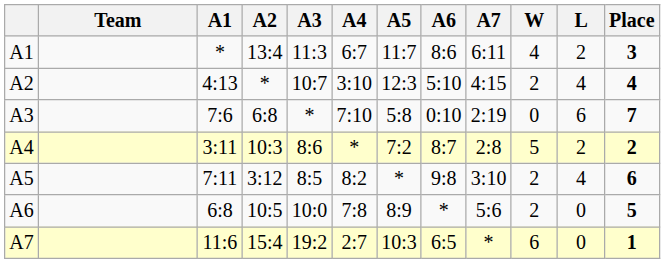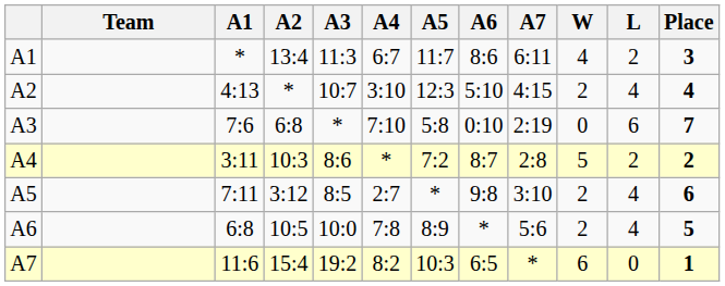 <table class="wikitable" style="text-align:center;">
 <tr>
 <th></th>
 <th width="120">Team</th>
 <th width="25">A1</th>
 <th width="25">A2</th>
 <th width="25">A3</th>
 <th width="25">A4</th>
 <th width="25">A5</th>
 <th width="25">A6</th>
 <th width="25">A7</th>
 <th width="30">W</th>
 <th width="30">L</th>
 <th>Place</th>
 </tr>
 <tr>
 <td>A1</td>
 <td align="left"></td>
 <td>*</td>
 <td>13:4</td>
 <td>11:3</td>
 <td>6:7</td>
 <td>11:7</td>
 <td>8:6</td>
 <td>6:11</td>
 <td>4</td>
 <td>2</td>
 <td><strong>3</strong></td>
 </tr>
 <tr>
 <td>A2</td>
 <td align="left"></td>
 <td>4:13</td>
 <td>*</td>
 <td>10:7</td>
 <td>3:10</td>
 <td>12:3</td>
 <td>5:10</td>
 <td>4:15</td>
 <td>2</td>
 <td>4</td>
 <td><strong>4</strong></td>
 </tr>
 <tr>
 <td>A3</td>
 <td align="left"></td>
 <td>7:6</td>
 <td>6:8</td>
 <td>*</td>
 <td>7:10</td>
 <td>5:8</td>
 <td>0:10</td>
 <td>2:19</td>
 <td>0</td>
 <td>6</td>
 <td><strong>7</strong></td>
 </tr>
 <tr bgcolor="#ffffcc">
 <td>A4</td>
 <td align="left"></td>
 <td>3:11</td>
 <td>10:3</td>
 <td>8:6</td>
 <td>*</td>
 <td>7:2</td>
 <td>8:7</td>
 <td>2:8</td>
 <td>5</td>
 <td>2</td>
 <td><strong>2</strong></td>
 </tr>
 <tr>
 <td>A5</td>
 <td align="left"></td>
 <td>7:11</td>
 <td>3:12</td>
 <td>8:5</td>
-<td>8:2</td>
+<td>2:7</td>
 <td>*</td>
 <td>9:8</td>
 <td>3:10</td>
 <td>2</td>
 <td>4</td>
 <td><strong>6</strong></td>
 </tr>
 <tr>
 <td>A6</td>
 <td align="left"></td>
 <td>6:8</td>
 <td>10:5</td>
 <td>10:0</td>
 <td>7:8</td>
 <td>8:9</td>
 <td>*</td>
 <td>5:6</td>
 <td>2</td>
-<td>0</td>
+<td>4</td>
 <td><strong>5</strong></td>
 </tr>
 <tr bgcolor="#ffffcc">
 <td>A7</td>
 <td align="left"></td>
 <td>11:6</td>
 <td>15:4</td>
 <td>19:2</td>
-<td>2:7</td>
+<td>8:2</td>
 <td>10:3</td>
 <td>6:5</td>
 <td>*</td>
 <td>6</td>
 <td>0</td>
 <td><strong>1</strong></td>
 </tr>
 </table>
